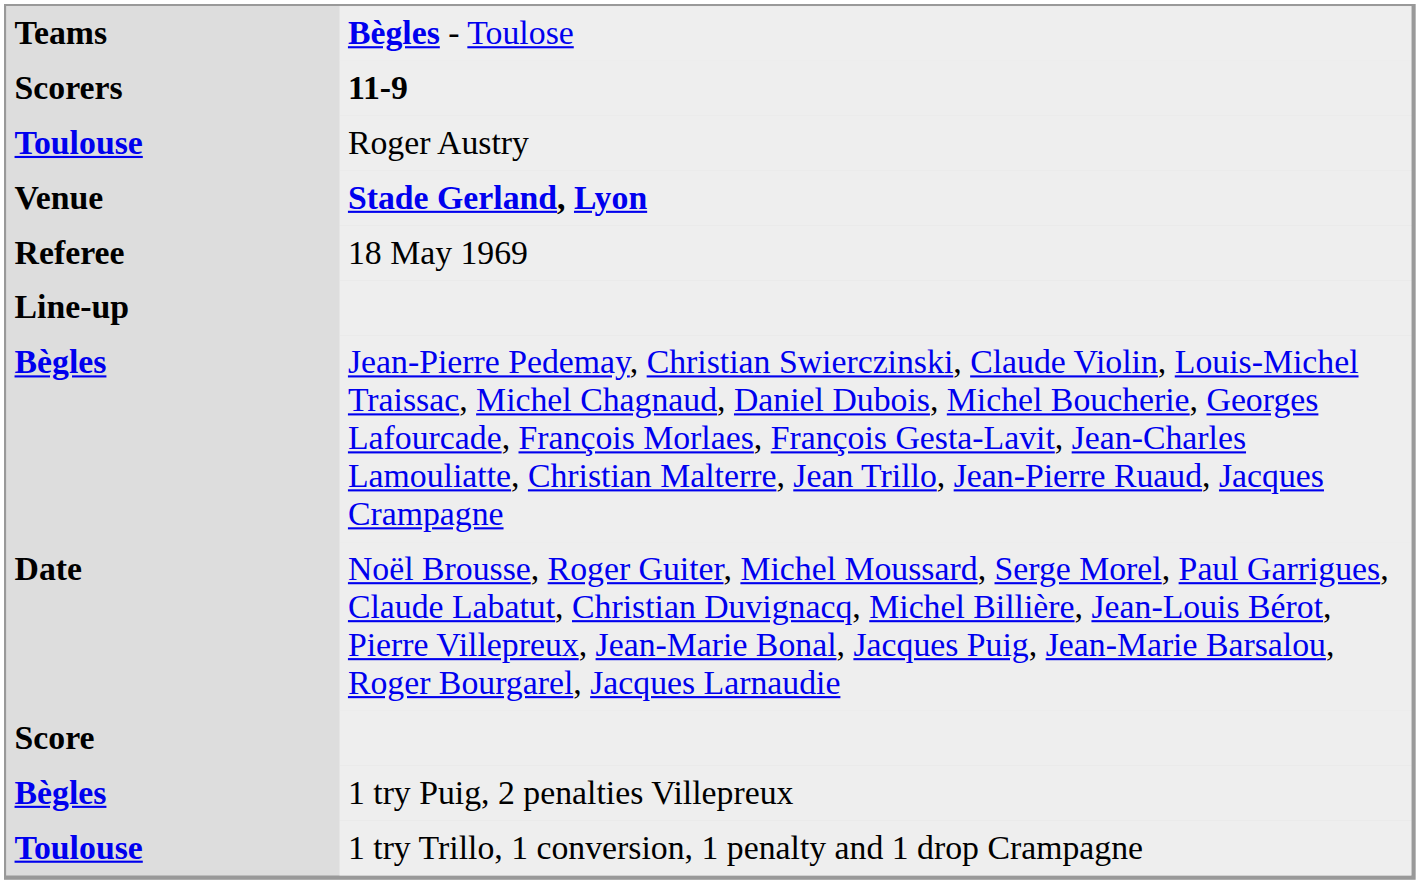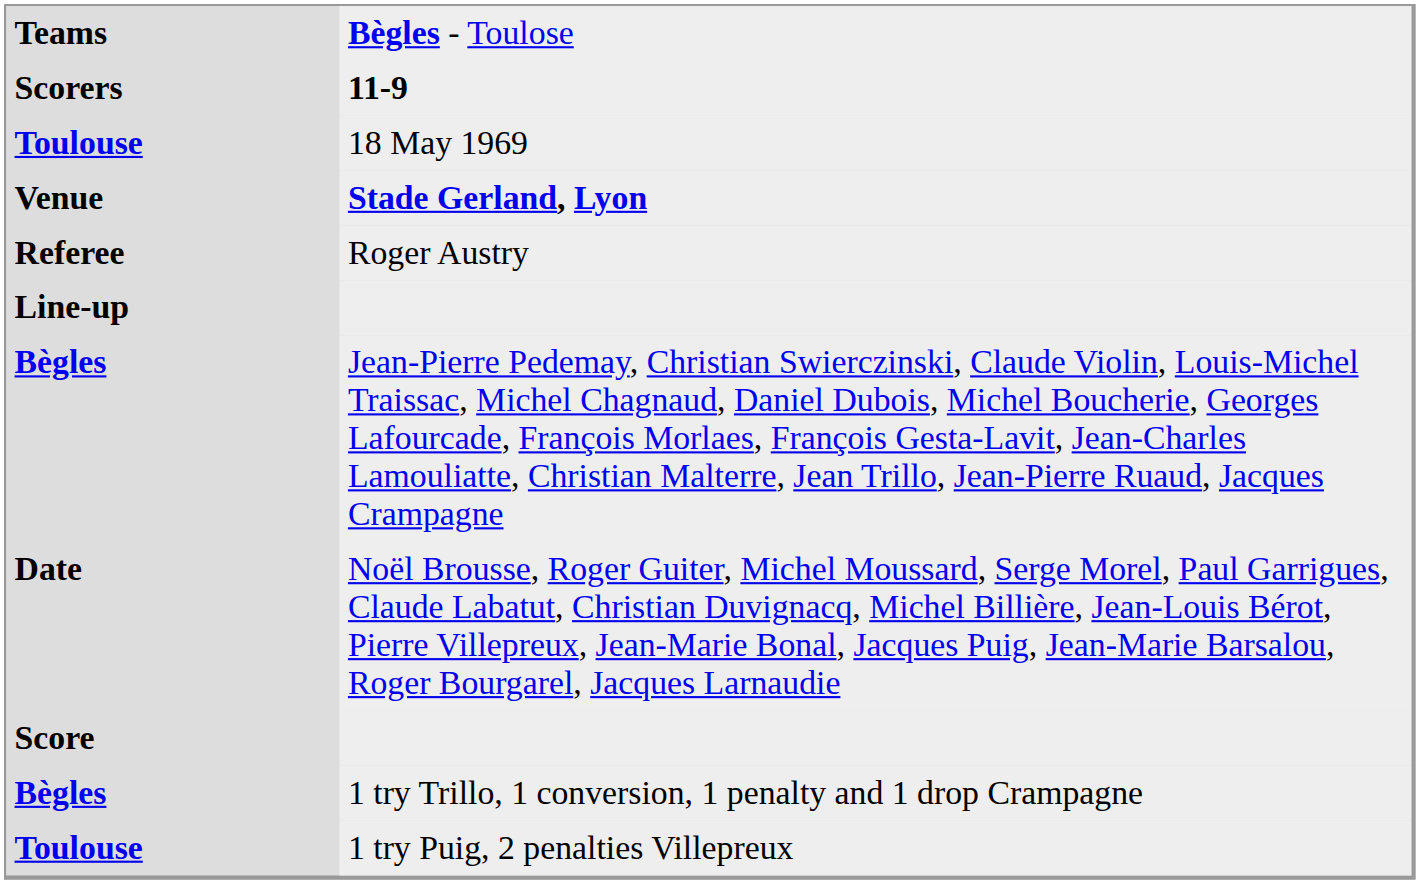 <table align="left" cellpadding="4" cellspacing="0"  style="margin: 0 0 0 0; border: 1px solid #999; border-right-width: 2px; border-bottom-width: 2px; background-color: #DDDDDD">
 <tr>
 <td width="150" valign="top"><strong>Teams</strong></td>
 <td width="500" bgcolor=#EEEEEE><strong><a href='#'>Bègles</a> </strong> - <a href='#'>Toulose</a></td>
 </tr>
 <tr>
 <td valign="top"><strong>Scorers</strong></td>
 <td bgcolor=#EEEEEE><strong>11-9</strong></td>
 </tr>
 <tr>
 <td valign="top"><strong><a href='#'>Toulouse</a></strong></td>
-<td bgcolor=#EEEEEE>Roger Austry</td>
+<td bgcolor=#EEEEEE>18 May 1969</td>
 </tr>
 <tr>
 <td valign="top"><strong>Venue</strong></td>
 <td bgcolor=#EEEEEE><strong><a href='#'>Stade Gerland</a>, <a href='#'>Lyon</a></strong></td>
 </tr>
 <tr>
 <td valign="top"><strong>Referee</strong></td>
-<td bgcolor=#EEEEEE>18 May 1969</td>
+<td bgcolor=#EEEEEE>Roger Austry</td>
 </tr>
 <tr>
 <td valign="top"><strong>Line-up</strong></td>
 <td bgcolor=#EEEEEE></td>
 </tr>
 <tr>
 <td valign="top"><strong> <a href='#'>Bègles</a> </strong></td>
 <td bgcolor=#EEEEEE><a href='#'>Jean-Pierre Pedemay</a>, <a href='#'>Christian Swierczinski</a>, <a href='#'>Claude Violin</a>, <a href='#'>Louis-Michel Traissac</a>, <a href='#'>Michel Chagnaud</a>, <a href='#'>Daniel Dubois</a>, <a href='#'>Michel Boucherie</a>, <a href='#'>Georges Lafourcade</a>, <a href='#'>François Morlaes</a>, <a href='#'>François Gesta-Lavit</a>, <a href='#'>Jean-Charles Lamouliatte</a>, <a href='#'>Christian Malterre</a>, <a href='#'>Jean Trillo</a>, <a href='#'>Jean-Pierre Ruaud</a>, <a href='#'>Jacques Crampagne</a></td>
 </tr>
 <tr>
 <td valign="top"><strong>Date</strong></td>
 <td bgcolor=#EEEEEE><a href='#'>Noël Brousse</a>, <a href='#'>Roger Guiter</a>, <a href='#'>Michel Moussard</a>, <a href='#'>Serge Morel</a>, <a href='#'>Paul Garrigues</a>, <a href='#'>Claude Labatut</a>, <a href='#'>Christian Duvignacq</a>, <a href='#'>Michel Billière</a>, <a href='#'>Jean-Louis Bérot</a>, <a href='#'>Pierre Villepreux</a>, <a href='#'>Jean-Marie Bonal</a>, <a href='#'>Jacques Puig</a>, <a href='#'>Jean-Marie Barsalou</a>, <a href='#'>Roger Bourgarel</a>, <a href='#'>Jacques Larnaudie</a></td>
 </tr>
 <tr>
 <td valign="top"><strong>Score</strong></td>
 <td bgcolor=#EEEEEE></td>
 </tr>
 <tr>
 <td valign="top"><strong> <a href='#'>Bègles</a> </strong></td>
-<td bgcolor=#EEEEEE>1 try Puig, 2 penalties  Villepreux</td>
+<td bgcolor=#EEEEEE>1 try Trillo, 1 conversion, 1 penalty and 1 drop Crampagne</td>
 </tr>
 <tr>
 <td valign="top"><strong><a href='#'>Toulouse</a></strong></td>
-<td bgcolor=#EEEEEE>1 try Trillo, 1 conversion, 1 penalty and 1 drop Crampagne</td>
+<td bgcolor=#EEEEEE>1 try Puig, 2 penalties  Villepreux</td>
 </tr>
 </table>
